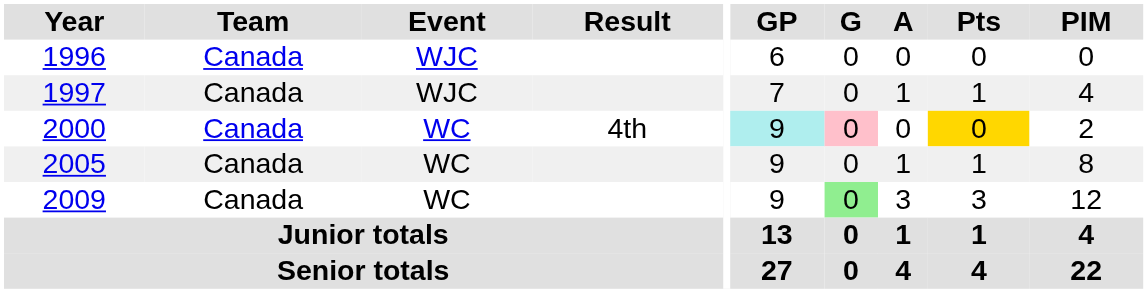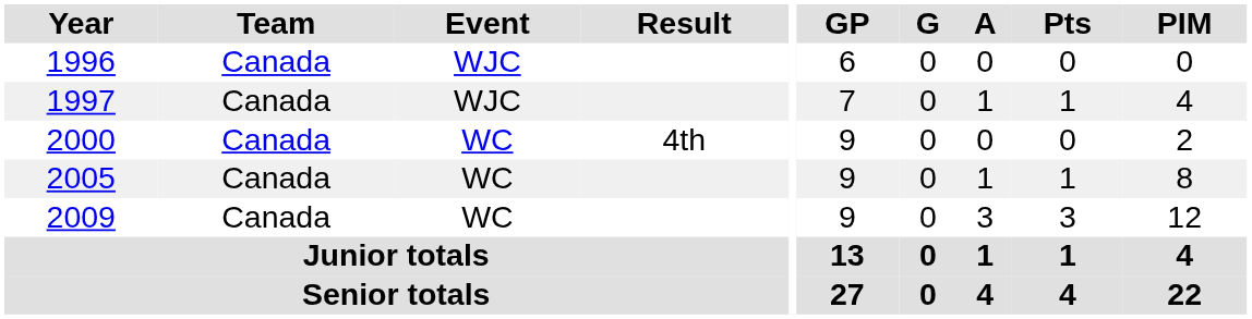 <table border="0" cellpadding="1" cellspacing="0" ID="Table3" style="text-align:center; width:40em">
 <tr ALIGN="center" bgcolor="#e0e0e0">
 <th>Year</th>
 <th>Team</th>
 <th>Event</th>
 <th>Result</th>
 <th rowspan="99" bgcolor="#ffffff"></th>
 <th>GP</th>
 <th>G</th>
 <th>A</th>
 <th>Pts</th>
 <th>PIM</th>
 </tr>
 <tr>
 <td><a href='#'>1996</a></td>
 <td><a href='#'>Canada</a></td>
 <td><a href='#'>WJC</a></td>
 <td></td>
 <td>6</td>
 <td>0</td>
 <td>0</td>
 <td>0</td>
 <td>0</td>
 </tr>
 <tr bgcolor="#f0f0f0">
 <td><a href='#'>1997</a></td>
 <td>Canada</td>
 <td>WJC</td>
 <td></td>
 <td>7</td>
 <td>0</td>
 <td>1</td>
 <td>1</td>
 <td>4</td>
 </tr>
 <tr>
 <td><a href='#'>2000</a></td>
 <td><a href='#'>Canada</a></td>
 <td><a href='#'>WC</a></td>
 <td>4th</td>
-<td style="background: paleturquoise;">9</td>
-<td style="background: pink;">0</td>
+<td>9</td>
 <td>0</td>
-<td style="background: gold;">0</td>
+<td>0</td>
+<td>0</td>
 <td>2</td>
 </tr>
 <tr bgcolor="#f0f0f0">
 <td><a href='#'>2005</a></td>
 <td>Canada</td>
 <td>WC</td>
 <td></td>
 <td>9</td>
 <td>0</td>
 <td>1</td>
 <td>1</td>
 <td>8</td>
 </tr>
 <tr>
 <td><a href='#'>2009</a></td>
 <td>Canada</td>
 <td>WC</td>
 <td></td>
 <td>9</td>
-<td style="background: lightgreen;">0</td>
+<td>0</td>
 <td>3</td>
 <td>3</td>
 <td>12</td>
 </tr>
 <tr ALIGN="center" bgcolor="#e0e0e0">
 <th colspan=4>Junior totals</th>
 <th>13</th>
 <th>0</th>
 <th>1</th>
 <th>1</th>
 <th>4</th>
 </tr>
 <tr ALIGN="center" bgcolor="#e0e0e0">
 <th colspan=4>Senior totals</th>
 <th>27</th>
 <th>0</th>
 <th>4</th>
 <th>4</th>
 <th>22</th>
 </tr>
 </table>
